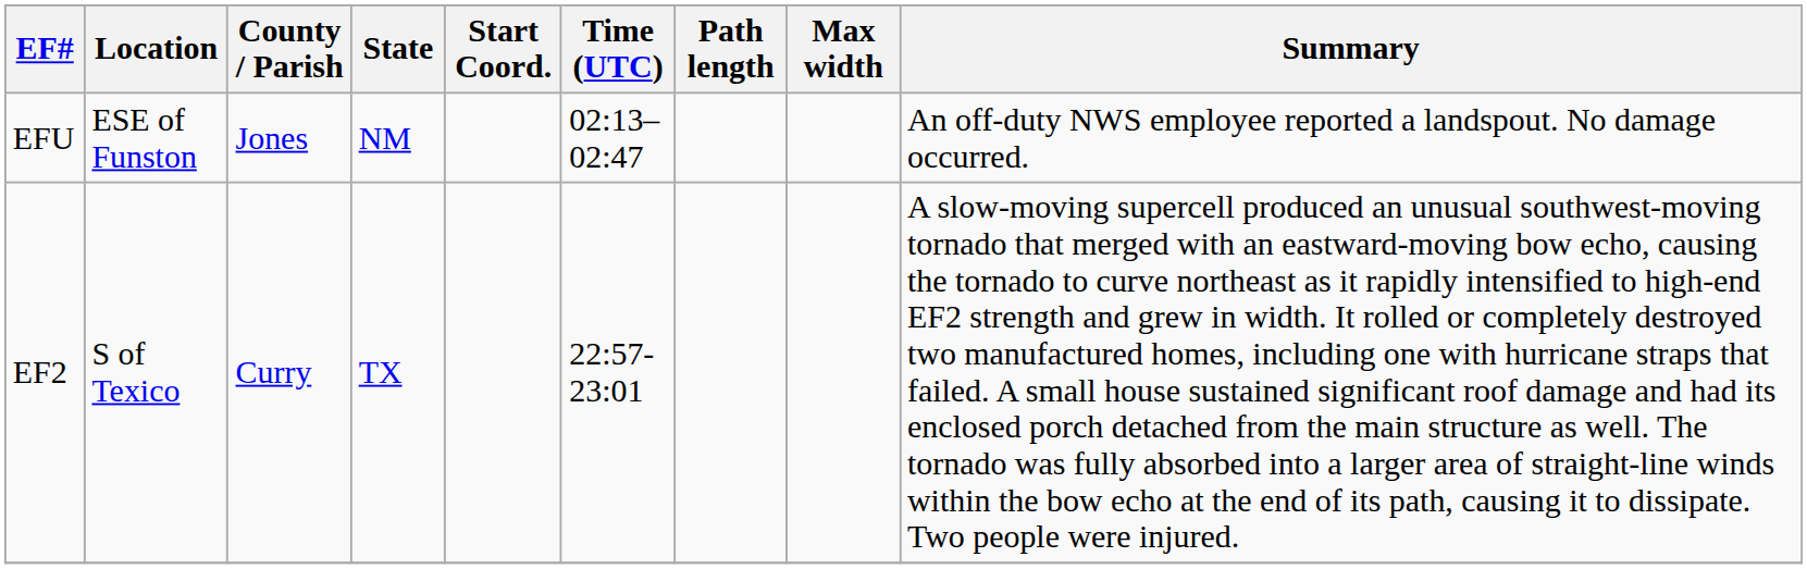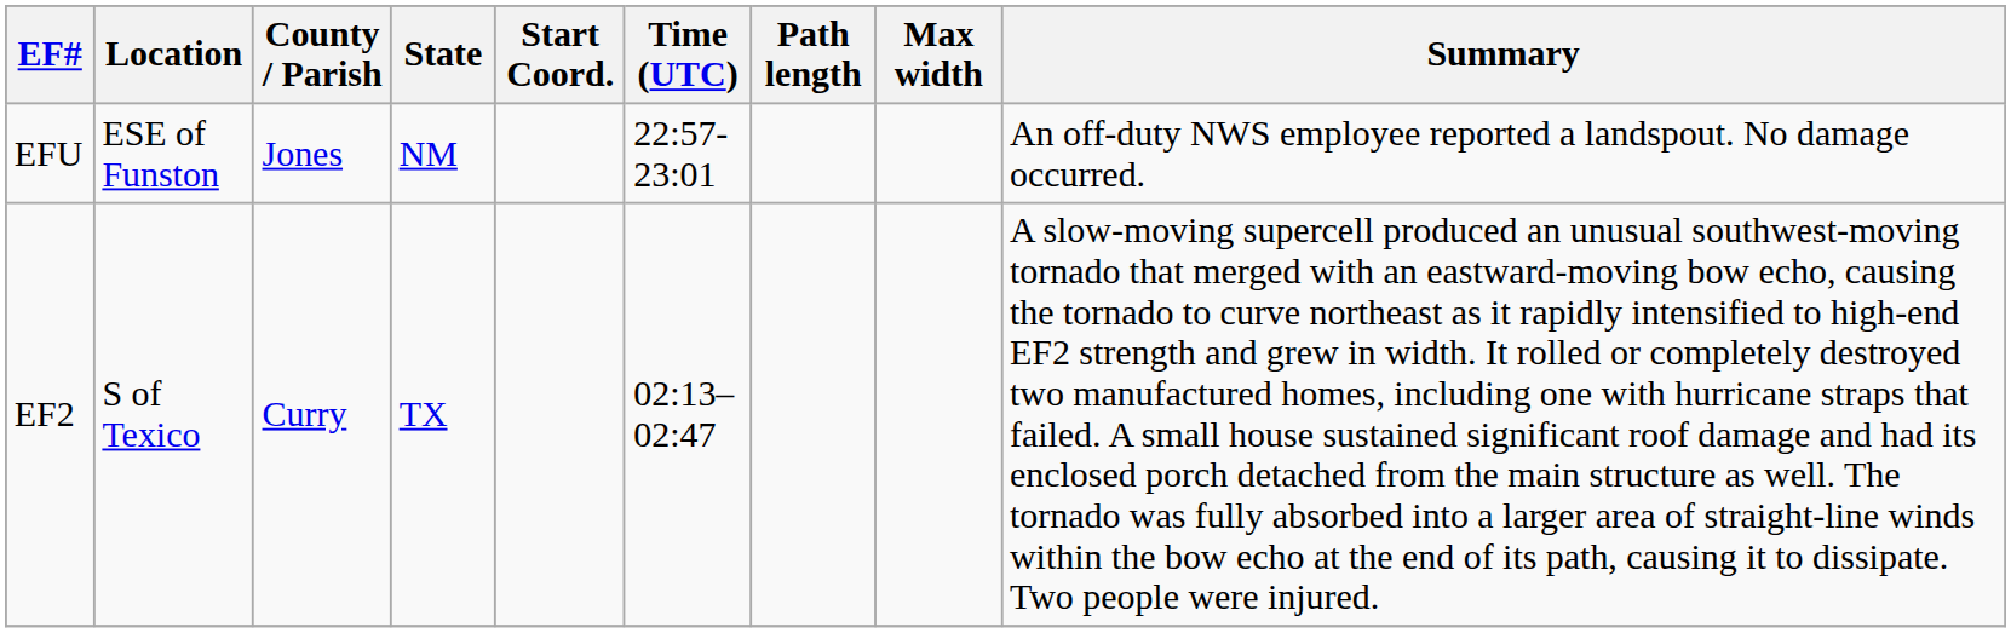 <table class="wikitable sortable" style="width:100%;">
 <tr>
 <th scope="col"  style="width:3%; text-align:center;"><a href='#'>EF#</a></th>
 <th scope="col"  style="width:7%; text-align:center;" class="unsortable">Location</th>
 <th scope="col"  style="width:6%; text-align:center;" class="unsortable">County / Parish</th>
 <th scope="col"  style="width:5%; text-align:center;">State</th>
 <th scope="col"  style="width:6%; text-align:center;">Start Coord.</th>
 <th scope="col"  style="width:6%; text-align:center;">Time (<a href='#'>UTC</a>)</th>
 <th scope="col"  style="width:6%; text-align:center;">Path length</th>
 <th scope="col"  style="width:6%; text-align:center;">Max width</th>
 <th scope="col" class="unsortable" style="width:48%; text-align:center;">Summary</th>
 </tr>
 <tr>
 <td>EFU</td>
 <td>ESE of <a href='#'>Funston</a></td>
 <td><a href='#'>Jones</a></td>
 <td><a href='#'>NM</a></td>
 <td></td>
-<td>02:13–02:47</td>
+<td>22:57-23:01</td>
 <td></td>
 <td></td>
 <td>An off-duty NWS employee reported a landspout. No damage occurred.</td>
 </tr>
 <tr>
 <td>EF2</td>
 <td>S of <a href='#'>Texico</a></td>
 <td><a href='#'>Curry</a></td>
 <td><a href='#'>TX</a></td>
 <td></td>
-<td>22:57-23:01</td>
+<td>02:13–02:47</td>
 <td></td>
 <td></td>
 <td>A slow-moving supercell produced an unusual southwest-moving tornado that merged with an eastward-moving bow echo, causing the tornado to curve northeast as it rapidly intensified to high-end EF2 strength and grew in width. It rolled or completely destroyed two manufactured homes, including one with hurricane straps that failed. A small house sustained significant roof damage and had its enclosed porch detached from the main structure as well. The tornado was fully absorbed into a larger area of straight-line winds within the bow echo at the end of its path, causing it to dissipate. Two people were injured.</td>
 </tr>
 <tr>
 </tr>
 </table>
